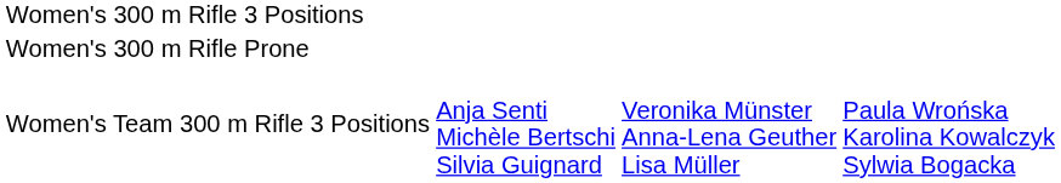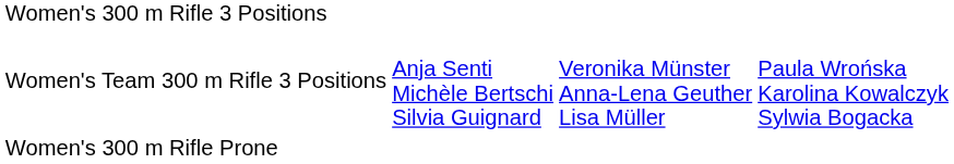 <table>
 <tr>
 <td>Women's 300 m Rifle 3 Positions</td>
-<td></td>
-<td></td>
-<td></td>
-</tr>
-<tr>
-<td>Women's 300 m Rifle Prone</td>
 <td></td>
 <td></td>
 <td></td>
 </tr>
 <tr>
 <td>Women's Team 300 m Rifle 3 Positions</td>
 <td><br><a href='#'>Anja Senti</a><br><a href='#'>Michèle Bertschi</a><br><a href='#'>Silvia Guignard</a></td>
 <td><br><a href='#'>Veronika Münster</a><br><a href='#'>Anna-Lena Geuther</a><br><a href='#'>Lisa Müller</a></td>
 <td><br><a href='#'>Paula Wrońska</a><br><a href='#'>Karolina Kowalczyk</a><br><a href='#'>Sylwia Bogacka</a></td>
 </tr>
+<tr>
+<td>Women's 300 m Rifle Prone</td>
+<td></td>
+<td></td>
+<td></td>
+</tr>
 </table>
